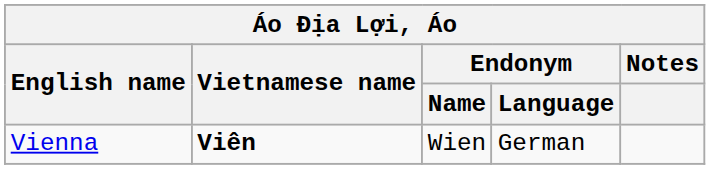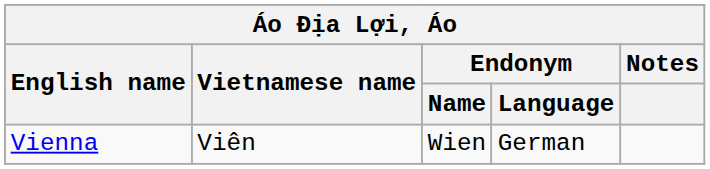 <table class="wikitable sortable">
 <tr>
 <th colspan="5"> Áo Địa Lợi, Áo</th>
 </tr>
 <tr>
 <th rowspan="2">English name</th>
 <th rowspan="2">Vietnamese name</th>
 <th colspan="2">Endonym</th>
 <th>Notes</th>
 </tr>
 <tr>
 <th>Name</th>
 <th>Language</th>
 <th></th>
 </tr>
 <tr>
 <td><a href='#'>Vienna</a></td>
-<td><strong>Viên</strong></td>
+<td>Viên</td>
 <td>Wien</td>
 <td>German</td>
 <td></td>
 </tr>
 </table>
